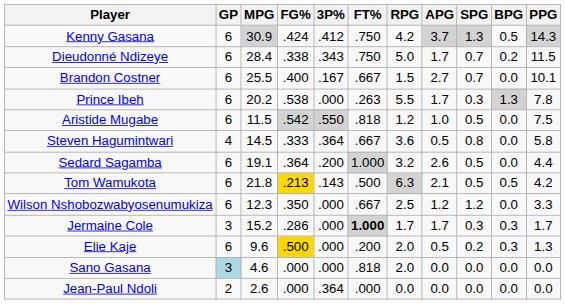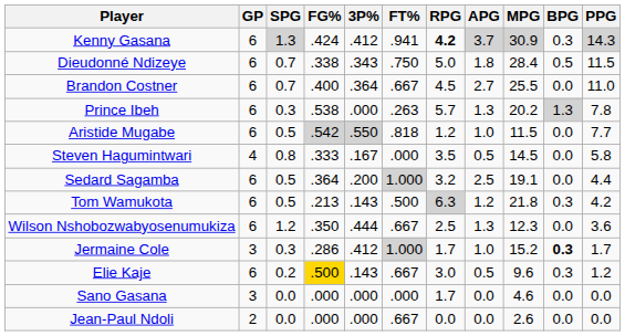 <table class="wikitable sortable" style="text-align:center;">
 <tr>
 <th>Player</th>
 <th>GP</th>
-<th>MPG</th>
+<th>SPG</th>
 <th>FG%</th>
 <th>3P%</th>
 <th>FT%</th>
 <th>RPG</th>
 <th>APG</th>
-<th>SPG</th>
+<th>MPG</th>
 <th>BPG</th>
 <th>PPG</th>
 </tr>
 <tr>
 <td><a href='#'>Kenny Gasana</a></td>
 <td>6</td>
-<td style="background:#D3D3D3;">30.9</td>
+<td style="background:#D3D3D3;">1.3</td>
 <td>.424</td>
 <td>.412</td>
-<td>.750</td>
-<td>4.2</td>
+<td>.941</td>
+<td><strong>4.2</strong></td>
 <td style="background:#D3D3D3;">3.7</td>
-<td style="background:#D3D3D3;">1.3</td>
-<td>0.5</td>
+<td style="background:#D3D3D3;">30.9</td>
+<td>0.3</td>
 <td style="background:#D3D3D3;">14.3</td>
 </tr>
 <tr>
 <td><a href='#'>Dieudonné Ndizeye</a></td>
 <td>6</td>
-<td>28.4</td>
+<td>0.7</td>
 <td>.338</td>
 <td>.343</td>
 <td>.750</td>
 <td>5.0</td>
-<td>1.7</td>
-<td>0.7</td>
-<td>0.2</td>
+<td>1.8</td>
+<td>28.4</td>
+<td>0.5</td>
 <td>11.5</td>
 </tr>
 <tr>
 <td><a href='#'>Brandon Costner</a></td>
 <td>6</td>
+<td>0.7</td>
+<td>.400</td>
+<td>.364</td>
+<td>.667</td>
+<td>4.5</td>
+<td>2.7</td>
 <td>25.5</td>
-<td>.400</td>
-<td>.167</td>
-<td>.667</td>
-<td>1.5</td>
-<td>2.7</td>
-<td>0.7</td>
 <td>0.0</td>
-<td>10.1</td>
+<td>11.0</td>
 </tr>
 <tr>
 <td><a href='#'>Prince Ibeh</a></td>
 <td>6</td>
-<td>20.2</td>
+<td>0.3</td>
 <td>.538</td>
 <td>.000</td>
 <td>.263</td>
-<td>5.5</td>
-<td>1.7</td>
-<td>0.3</td>
+<td>5.7</td>
+<td>1.3</td>
+<td>20.2</td>
 <td style="background:#D3D3D3;">1.3</td>
 <td>7.8</td>
 </tr>
 <tr>
 <td><a href='#'>Aristide Mugabe</a></td>
 <td>6</td>
-<td>11.5</td>
+<td>0.5</td>
 <td style="background:#D3D3D3;">.542</td>
 <td style="background:#D3D3D3;">.550</td>
 <td>.818</td>
 <td>1.2</td>
 <td>1.0</td>
-<td>0.5</td>
+<td>11.5</td>
 <td>0.0</td>
-<td>7.5</td>
+<td>7.7</td>
 </tr>
 <tr>
 <td><a href='#'>Steven Hagumintwari</a></td>
 <td>4</td>
+<td>0.8</td>
+<td>.333</td>
+<td>.167</td>
+<td>.000</td>
+<td>3.5</td>
+<td>0.5</td>
 <td>14.5</td>
-<td>.333</td>
-<td>.364</td>
-<td>.667</td>
-<td>3.6</td>
-<td>0.5</td>
-<td>0.8</td>
 <td>0.0</td>
 <td>5.8</td>
 </tr>
 <tr>
 <td><a href='#'>Sedard Sagamba</a></td>
 <td>6</td>
-<td>19.1</td>
+<td>0.5</td>
 <td>.364</td>
 <td>.200</td>
 <td style="background:#D3D3D3;">1.000</td>
 <td>3.2</td>
-<td>2.6</td>
-<td>0.5</td>
+<td>2.5</td>
+<td>19.1</td>
 <td>0.0</td>
 <td>4.4</td>
 </tr>
 <tr>
 <td><a href='#'>Tom Wamukota</a></td>
 <td>6</td>
-<td>21.8</td>
-<td style="background: gold;">.213</td>
+<td>0.5</td>
+<td>.213</td>
 <td>.143</td>
 <td>.500</td>
 <td style="background:#D3D3D3;">6.3</td>
-<td>2.1</td>
-<td>0.5</td>
-<td>0.5</td>
+<td>1.2</td>
+<td>21.8</td>
+<td>0.3</td>
 <td>4.2</td>
 </tr>
 <tr>
 <td><a href='#'>Wilson Nshobozwabyosenumukiza</a></td>
 <td>6</td>
-<td>12.3</td>
+<td>1.2</td>
 <td>.350</td>
-<td>.000</td>
+<td>.444</td>
 <td>.667</td>
 <td>2.5</td>
-<td>1.2</td>
-<td>1.2</td>
+<td>1.3</td>
+<td>12.3</td>
 <td>0.0</td>
-<td>3.3</td>
+<td>3.6</td>
 </tr>
 <tr>
 <td><a href='#'>Jermaine Cole</a></td>
 <td>3</td>
+<td>0.3</td>
+<td>.286</td>
+<td>.412</td>
+<td style="background:#D3D3D3;">1.000</td>
+<td>1.7</td>
+<td>1.0</td>
 <td>15.2</td>
-<td>.286</td>
-<td>.000</td>
-<td style="background:#D3D3D3;"><strong>1.000</strong></td>
-<td>1.7</td>
-<td>1.7</td>
-<td>0.3</td>
-<td>0.3</td>
+<td><strong>0.3</strong></td>
 <td>1.7</td>
 </tr>
 <tr>
 <td><a href='#'>Elie Kaje</a></td>
 <td>6</td>
+<td>0.2</td>
+<td style="background: gold;">.500</td>
+<td>.143</td>
+<td>.667</td>
+<td>3.0</td>
+<td>0.5</td>
 <td>9.6</td>
-<td style="background: gold;">.500</td>
-<td>.000</td>
-<td>.200</td>
-<td>2.0</td>
-<td>0.5</td>
-<td>0.2</td>
 <td>0.3</td>
-<td>1.3</td>
+<td>1.2</td>
 </tr>
 <tr>
 <td><a href='#'>Sano Gasana</a></td>
-<td style="background: lightblue;">3</td>
-<td>4.6</td>
+<td>3</td>
+<td>0.0</td>
 <td>.000</td>
 <td>.000</td>
-<td>.818</td>
-<td>2.0</td>
+<td>.000</td>
+<td>1.7</td>
 <td>0.0</td>
-<td>0.0</td>
+<td>4.6</td>
 <td>0.0</td>
 <td>0.0</td>
 </tr>
 <tr>
 <td><a href='#'>Jean-Paul Ndoli</a></td>
 <td>2</td>
-<td>2.6</td>
+<td>0.0</td>
 <td>.000</td>
-<td>.364</td>
 <td>.000</td>
+<td>.667</td>
 <td>0.0</td>
 <td>0.0</td>
-<td>0.0</td>
+<td>2.6</td>
 <td>0.0</td>
 <td>0.0</td>
 </tr>
 </table>
